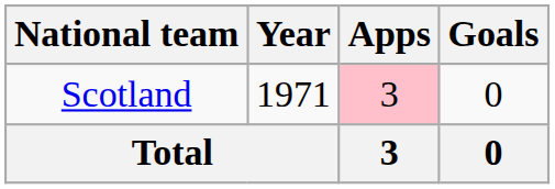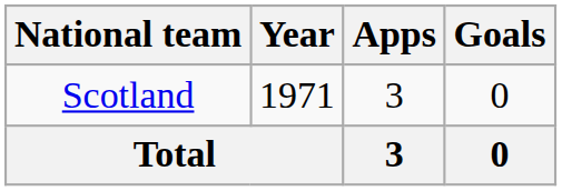 <table class="wikitable" style="text-align:center">
 <tr>
 <th>National team</th>
 <th>Year</th>
 <th>Apps</th>
 <th>Goals</th>
 </tr>
 <tr>
 <td><a href='#'>Scotland</a></td>
 <td>1971</td>
-<td style="background: pink;">3</td>
+<td>3</td>
 <td>0</td>
 </tr>
 <tr>
 <th colspan="2">Total</th>
 <th>3</th>
 <th>0</th>
 </tr>
 </table>
